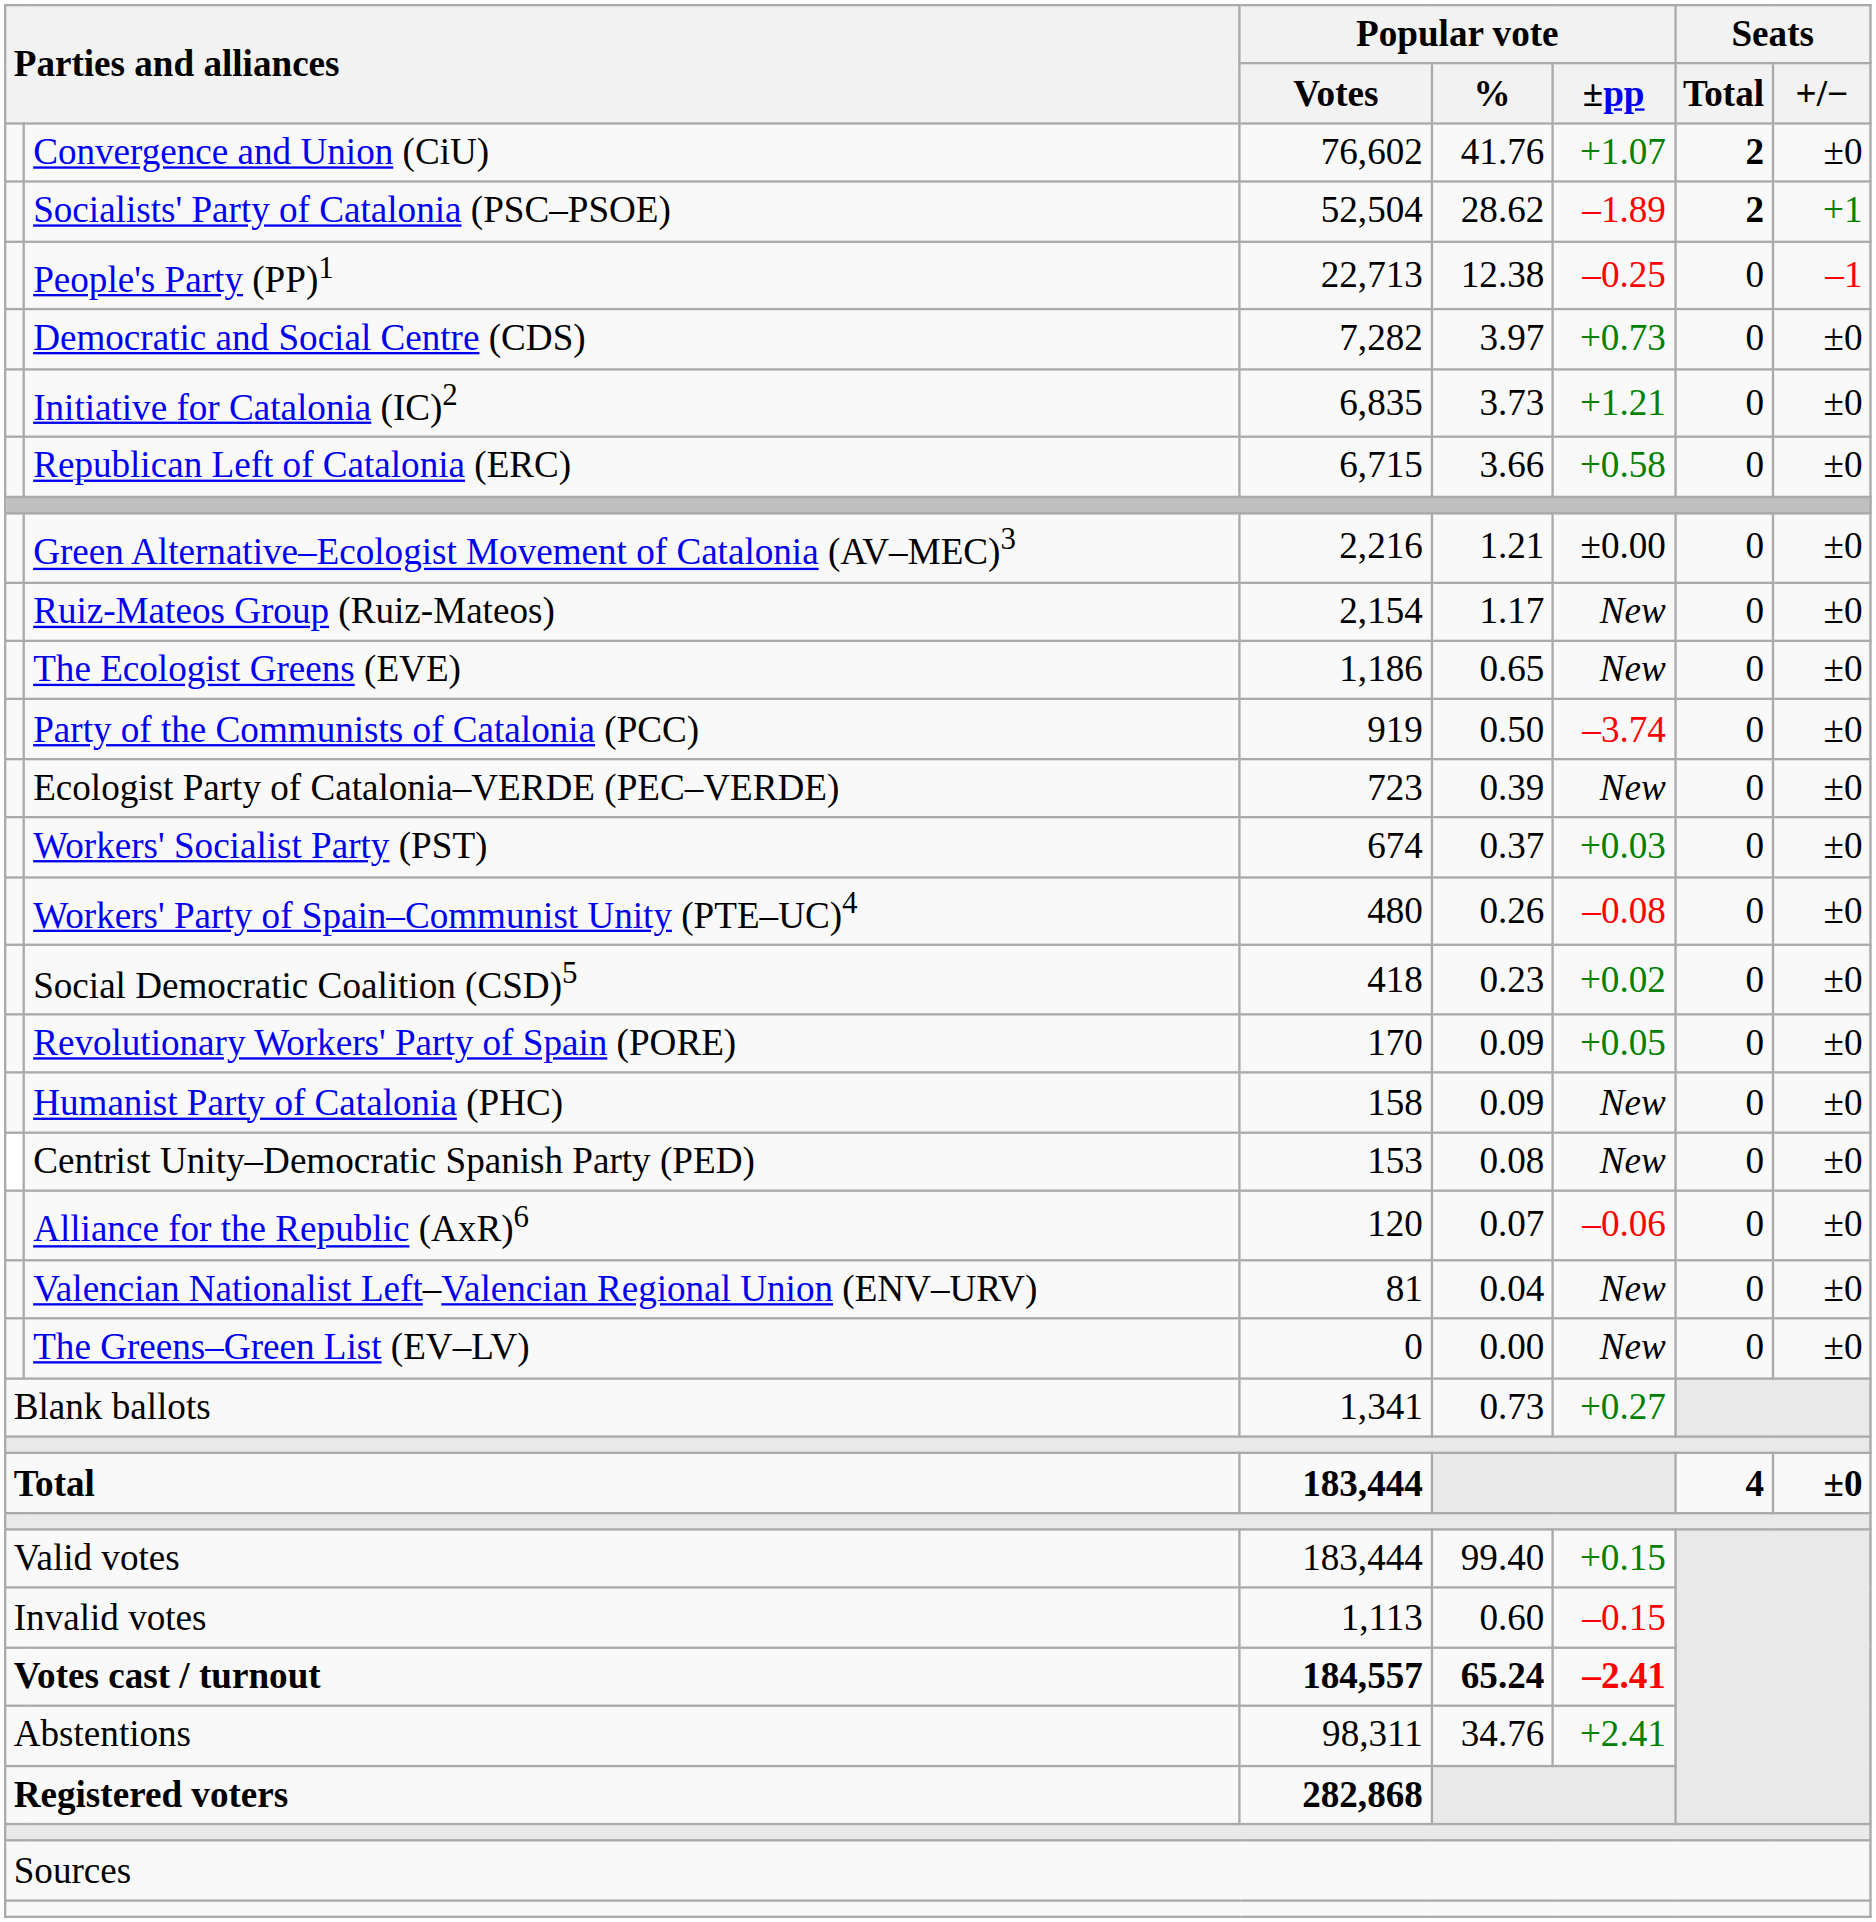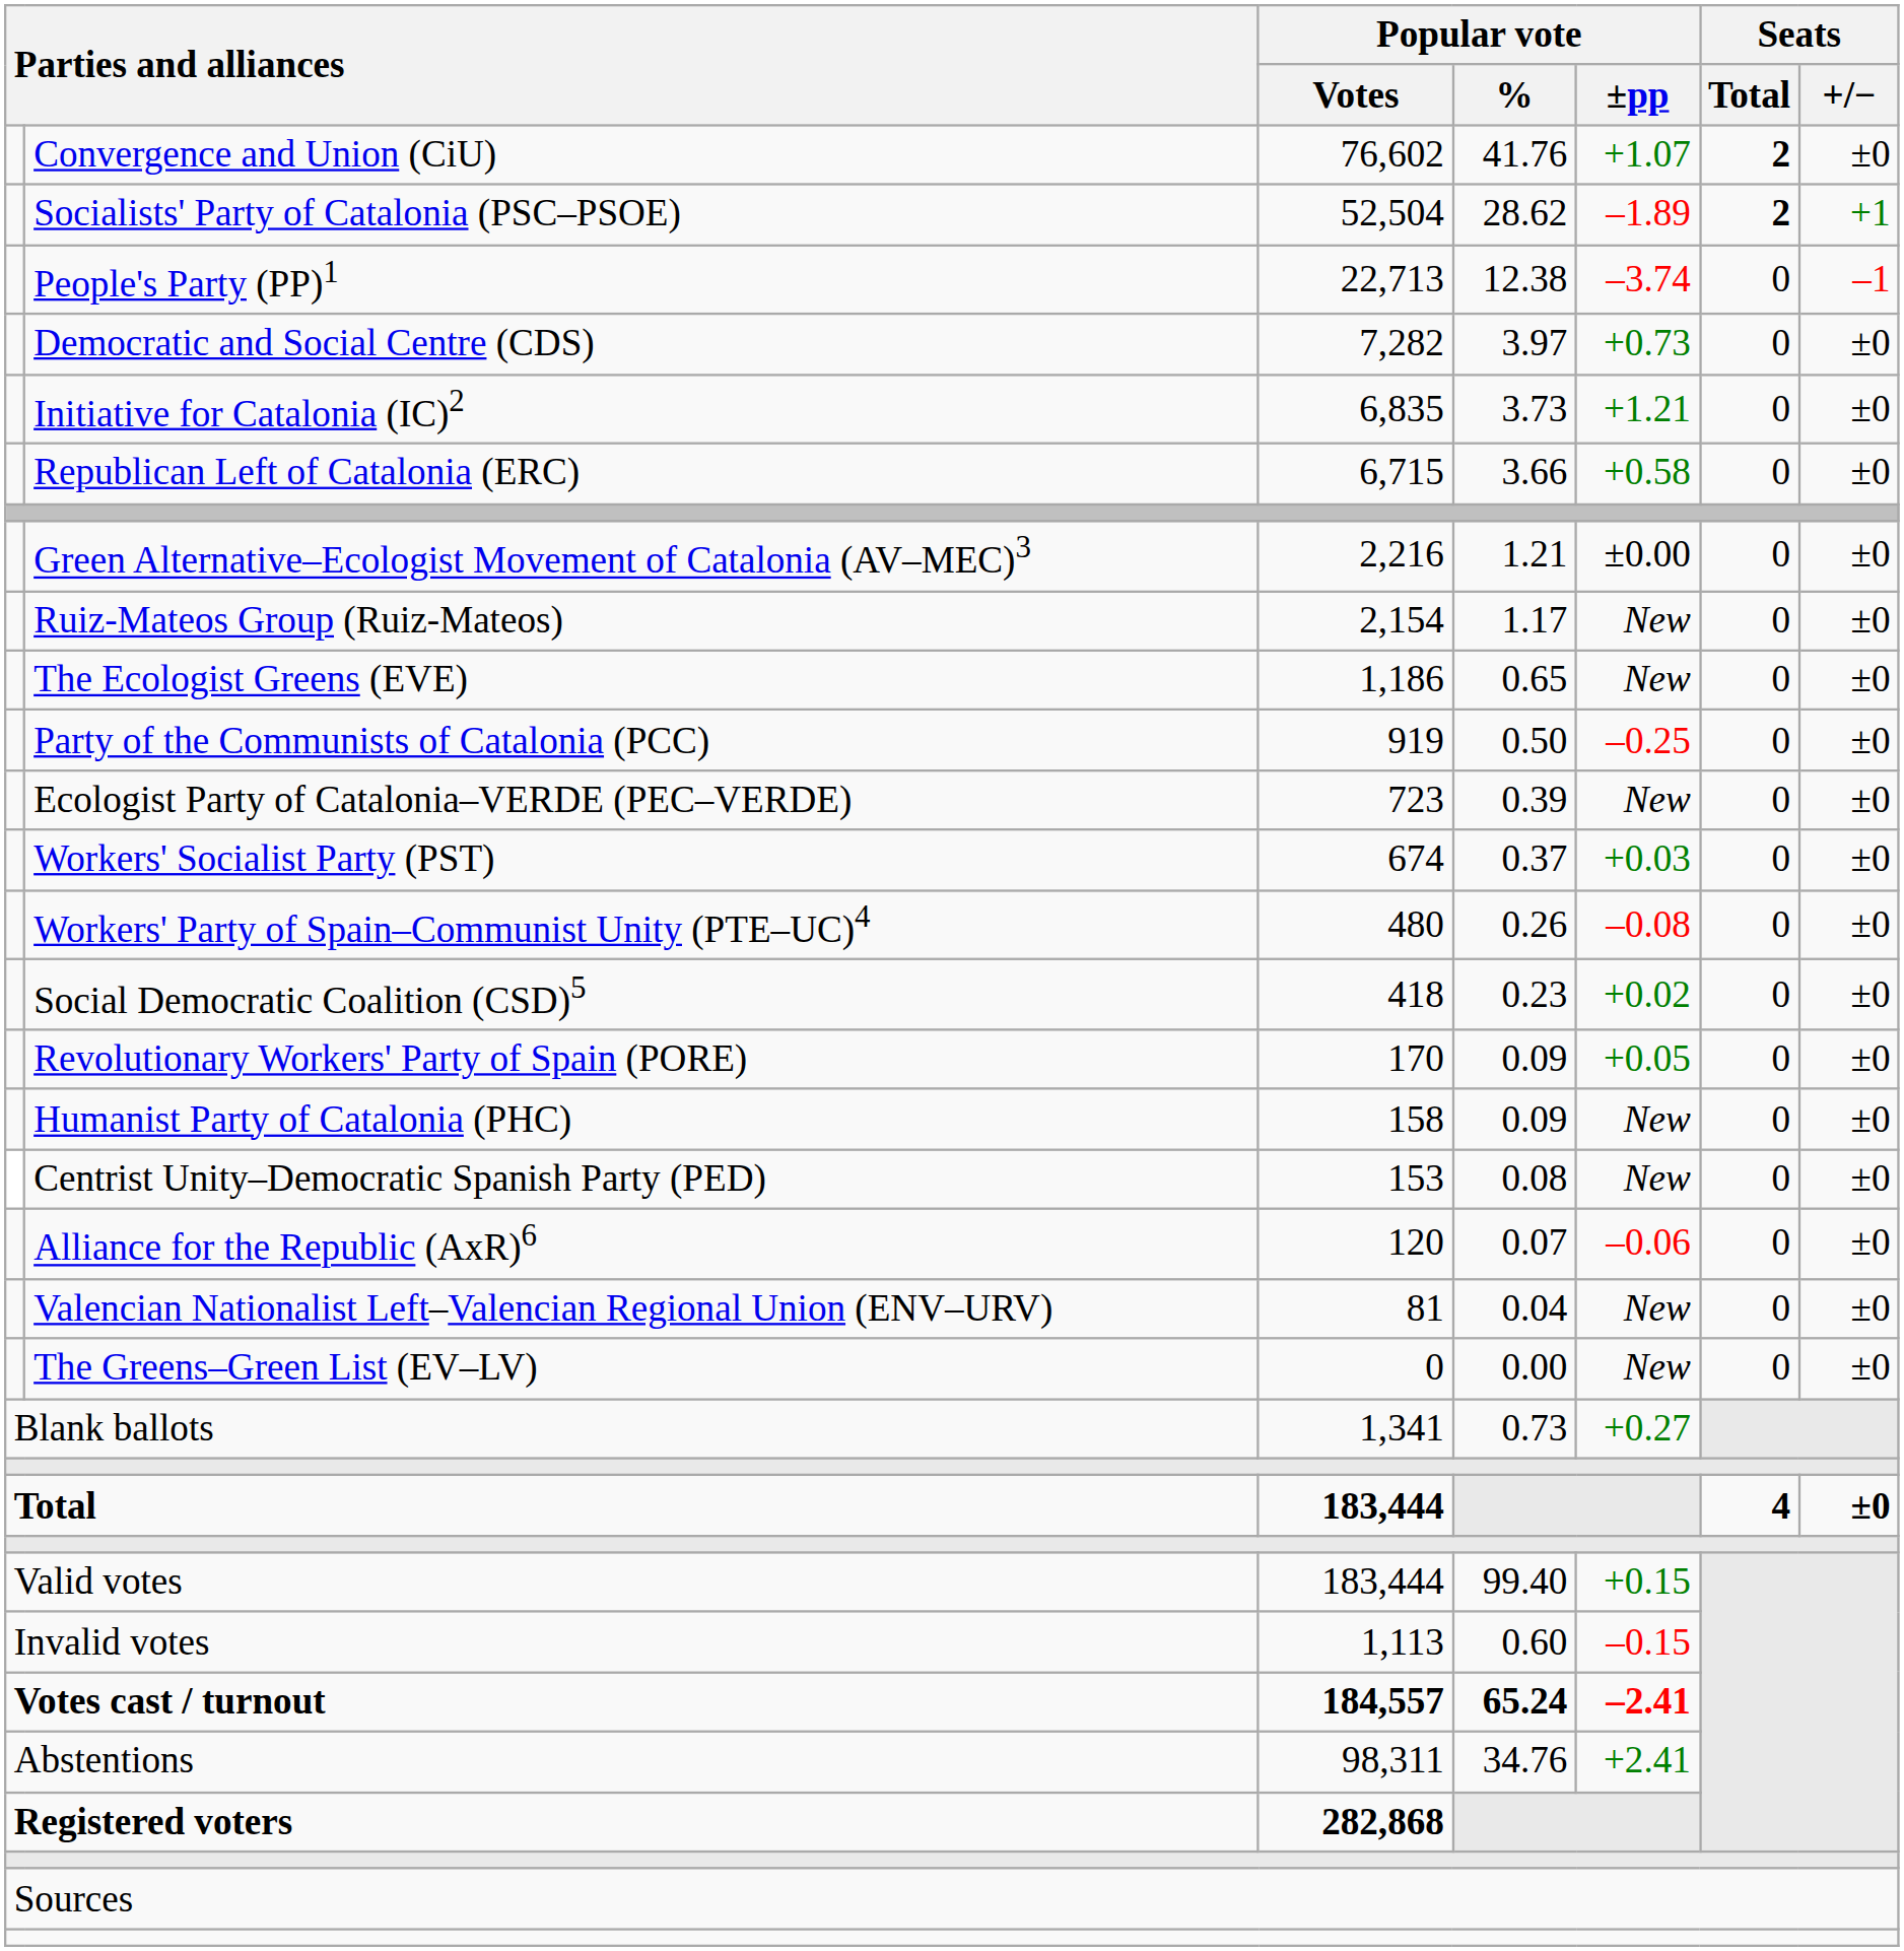 <table class="wikitable" style="text-align:right;">
 <tr>
 <th style="text-align:left;" rowspan="2" colspan="2" width="525">Parties and alliances</th>
 <th colspan="3">Popular vote</th>
 <th colspan="2">Seats</th>
 </tr>
 <tr>
 <th width="75">Votes</th>
 <th width="45">%</th>
 <th width="45">±<a href='#'>pp</a></th>
 <th width="35">Total</th>
 <th width="35">+/−</th>
 </tr>
 <tr>
 <td width="1" style="color:inherit;background:"></td>
 <td align="left"><a href='#'>Convergence and Union</a> (CiU)</td>
 <td>76,602</td>
 <td>41.76</td>
 <td style="color:green;">+1.07</td>
 <td><strong>2</strong></td>
 <td>±0</td>
 </tr>
 <tr>
 <td style="color:inherit;background:"></td>
 <td align="left"><a href='#'>Socialists' Party of Catalonia</a> (PSC–PSOE)</td>
 <td>52,504</td>
 <td>28.62</td>
 <td style="color:red;">–1.89</td>
 <td><strong>2</strong></td>
 <td style="color:green;">+1</td>
 </tr>
 <tr>
 <td style="color:inherit;background:"></td>
 <td align="left"><a href='#'>People's Party</a> (PP)<sup>1</sup></td>
 <td>22,713</td>
 <td>12.38</td>
-<td style="color:red;">–0.25</td>
+<td style="color:red;">–3.74</td>
 <td>0</td>
 <td style="color:red;">–1</td>
 </tr>
 <tr>
 <td style="color:inherit;background:"></td>
 <td align="left"><a href='#'>Democratic and Social Centre</a> (CDS)</td>
 <td>7,282</td>
 <td>3.97</td>
 <td style="color:green;">+0.73</td>
 <td>0</td>
 <td>±0</td>
 </tr>
 <tr>
 <td style="color:inherit;background:"></td>
 <td align="left"><a href='#'>Initiative for Catalonia</a> (IC)<sup>2</sup></td>
 <td>6,835</td>
 <td>3.73</td>
 <td style="color:green;">+1.21</td>
 <td>0</td>
 <td>±0</td>
 </tr>
 <tr>
 <td style="color:inherit;background:"></td>
 <td align="left"><a href='#'>Republican Left of Catalonia</a> (ERC)</td>
 <td>6,715</td>
 <td>3.66</td>
 <td style="color:green;">+0.58</td>
 <td>0</td>
 <td>±0</td>
 </tr>
 <tr>
 <td colspan="7" bgcolor="#C0C0C0"></td>
 </tr>
 <tr>
 <td style="color:inherit;background:"></td>
 <td align="left"><a href='#'>Green Alternative–Ecologist Movement of Catalonia</a> (AV–MEC)<sup>3</sup></td>
 <td>2,216</td>
 <td>1.21</td>
 <td>±0.00</td>
 <td>0</td>
 <td>±0</td>
 </tr>
 <tr>
 <td style="color:inherit;background:"></td>
 <td align="left"><a href='#'>Ruiz-Mateos Group</a> (Ruiz-Mateos)</td>
 <td>2,154</td>
 <td>1.17</td>
 <td><em>New</em></td>
 <td>0</td>
 <td>±0</td>
 </tr>
 <tr>
 <td style="color:inherit;background:"></td>
 <td align="left"><a href='#'>The Ecologist Greens</a> (EVE)</td>
 <td>1,186</td>
 <td>0.65</td>
 <td><em>New</em></td>
 <td>0</td>
 <td>±0</td>
 </tr>
 <tr>
 <td style="color:inherit;background:"></td>
 <td align="left"><a href='#'>Party of the Communists of Catalonia</a> (PCC)</td>
 <td>919</td>
 <td>0.50</td>
-<td style="color:red;">–3.74</td>
+<td style="color:red;">–0.25</td>
 <td>0</td>
 <td>±0</td>
 </tr>
 <tr>
 <td style="color:inherit;background:"></td>
 <td align="left">Ecologist Party of Catalonia–VERDE (PEC–VERDE)</td>
 <td>723</td>
 <td>0.39</td>
 <td><em>New</em></td>
 <td>0</td>
 <td>±0</td>
 </tr>
 <tr>
 <td style="color:inherit;background:"></td>
 <td align="left"><a href='#'>Workers' Socialist Party</a> (PST)</td>
 <td>674</td>
 <td>0.37</td>
 <td style="color:green;">+0.03</td>
 <td>0</td>
 <td>±0</td>
 </tr>
 <tr>
 <td style="color:inherit;background:"></td>
 <td align="left"><a href='#'>Workers' Party of Spain–Communist Unity</a> (PTE–UC)<sup>4</sup></td>
 <td>480</td>
 <td>0.26</td>
 <td style="color:red;">–0.08</td>
 <td>0</td>
 <td>±0</td>
 </tr>
 <tr>
 <td style="color:inherit;background:"></td>
 <td align="left">Social Democratic Coalition (CSD)<sup>5</sup></td>
 <td>418</td>
 <td>0.23</td>
 <td style="color:green;">+0.02</td>
 <td>0</td>
 <td>±0</td>
 </tr>
 <tr>
 <td style="color:inherit;background:"></td>
 <td align="left"><a href='#'>Revolutionary Workers' Party of Spain</a> (PORE)</td>
 <td>170</td>
 <td>0.09</td>
 <td style="color:green;">+0.05</td>
 <td>0</td>
 <td>±0</td>
 </tr>
 <tr>
 <td style="color:inherit;background:"></td>
 <td align="left"><a href='#'>Humanist Party of Catalonia</a> (PHC)</td>
 <td>158</td>
 <td>0.09</td>
 <td><em>New</em></td>
 <td>0</td>
 <td>±0</td>
 </tr>
 <tr>
 <td bgcolor="white"></td>
 <td align="left">Centrist Unity–Democratic Spanish Party (PED)</td>
 <td>153</td>
 <td>0.08</td>
 <td><em>New</em></td>
 <td>0</td>
 <td>±0</td>
 </tr>
 <tr>
 <td style="color:inherit;background:"></td>
 <td align="left"><a href='#'>Alliance for the Republic</a> (AxR)<sup>6</sup></td>
 <td>120</td>
 <td>0.07</td>
 <td style="color:red;">–0.06</td>
 <td>0</td>
 <td>±0</td>
 </tr>
 <tr>
 <td style="color:inherit;background:"></td>
 <td align="left"><a href='#'>Valencian Nationalist Left</a>–<a href='#'>Valencian Regional Union</a> (ENV–URV)</td>
 <td>81</td>
 <td>0.04</td>
 <td><em>New</em></td>
 <td>0</td>
 <td>±0</td>
 </tr>
 <tr>
 <td style="color:inherit;background:"></td>
 <td align="left"><a href='#'>The Greens–Green List</a> (EV–LV)</td>
 <td>0</td>
 <td>0.00</td>
 <td><em>New</em></td>
 <td>0</td>
 <td>±0</td>
 </tr>
 <tr>
 <td align="left" colspan="2">Blank ballots</td>
 <td>1,341</td>
 <td>0.73</td>
 <td style="color:green;">+0.27</td>
 <td bgcolor="#E9E9E9" colspan="2"></td>
 </tr>
 <tr>
 <td colspan="7" bgcolor="#E9E9E9"></td>
 </tr>
 <tr style="font-weight:bold;">
 <td align="left" colspan="2">Total</td>
 <td>183,444</td>
 <td bgcolor="#E9E9E9" colspan="2"></td>
 <td>4</td>
 <td>±0</td>
 </tr>
 <tr>
 <td colspan="7" bgcolor="#E9E9E9"></td>
 </tr>
 <tr>
 <td align="left" colspan="2">Valid votes</td>
 <td>183,444</td>
 <td>99.40</td>
 <td style="color:green;">+0.15</td>
 <td bgcolor="#E9E9E9" colspan="2" rowspan="5"></td>
 </tr>
 <tr>
 <td align="left" colspan="2">Invalid votes</td>
 <td>1,113</td>
 <td>0.60</td>
 <td style="color:red;">–0.15</td>
 </tr>
 <tr style="font-weight:bold;">
 <td align="left" colspan="2">Votes cast / turnout</td>
 <td>184,557</td>
 <td>65.24</td>
 <td style="color:red;">–2.41</td>
 </tr>
 <tr>
 <td align="left" colspan="2">Abstentions</td>
 <td>98,311</td>
 <td>34.76</td>
 <td style="color:green;">+2.41</td>
 </tr>
 <tr style="font-weight:bold;">
 <td align="left" colspan="2">Registered voters</td>
 <td>282,868</td>
 <td bgcolor="#E9E9E9" colspan="2"></td>
 </tr>
 <tr>
 <td colspan="7" bgcolor="#E9E9E9"></td>
 </tr>
 <tr>
 <td align="left" colspan="7">Sources</td>
 </tr>
 <tr>
 <td colspan="7" style="text-align:left; max-width:790px;"></td>
 </tr>
 </table>
